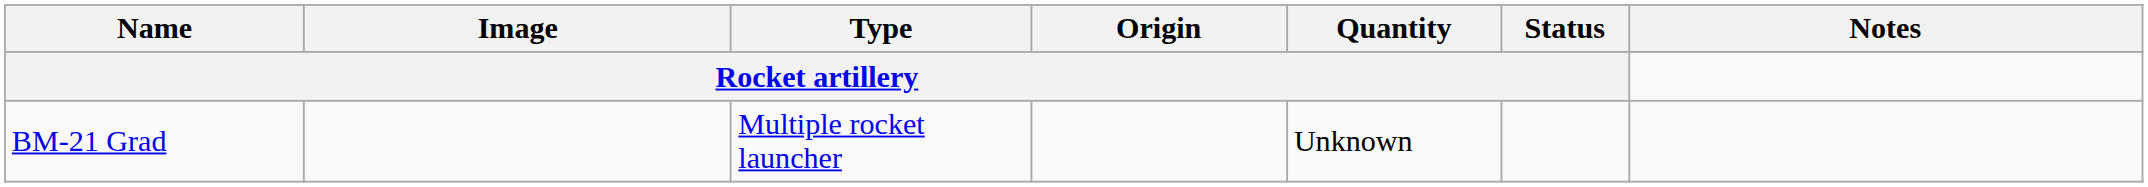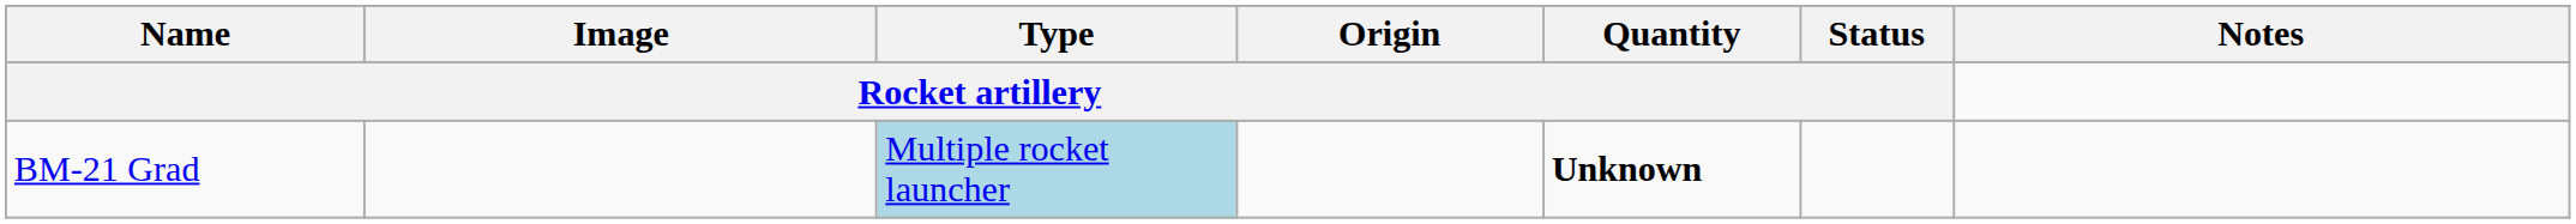 <table class="wikitable" style="width:90%;">
 <tr>
 <th width=14%>Name</th>
 <th width=20%>Image</th>
 <th width=14%>Type</th>
 <th width=12%>Origin</th>
 <th width=10%>Quantity</th>
 <th width=06%>Status</th>
 <th width=24%>Notes</th>
 </tr>
 <tr>
 <th colspan="6"><a href='#'>Rocket artillery</a></th>
 </tr>
 <tr>
 <td><a href='#'>BM-21 Grad</a></td>
 <td></td>
-<td><a href='#'>Multiple rocket launcher</a></td>
+<td style="background: lightblue;"><a href='#'>Multiple rocket launcher</a></td>
 <td></td>
-<td>Unknown</td>
+<td><strong>Unknown</strong></td>
 <td></td>
 <td></td>
 </tr>
 </table>
